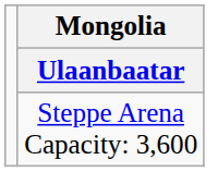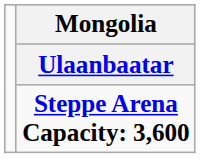 <table class="wikitable" style="text-align:center;">
 <tr>
 <td rowspan="3"></td>
 <th>Mongolia</th>
 </tr>
 <tr>
 <th><a href='#'>Ulaanbaatar</a></th>
 </tr>
 <tr>
-<td><a href='#'>Steppe Arena</a><br>Capacity: 3,600</td>
+<td><strong><a href='#'>Steppe Arena</a><br>Capacity: 3,600</strong></td>
 </tr>
 </table>
